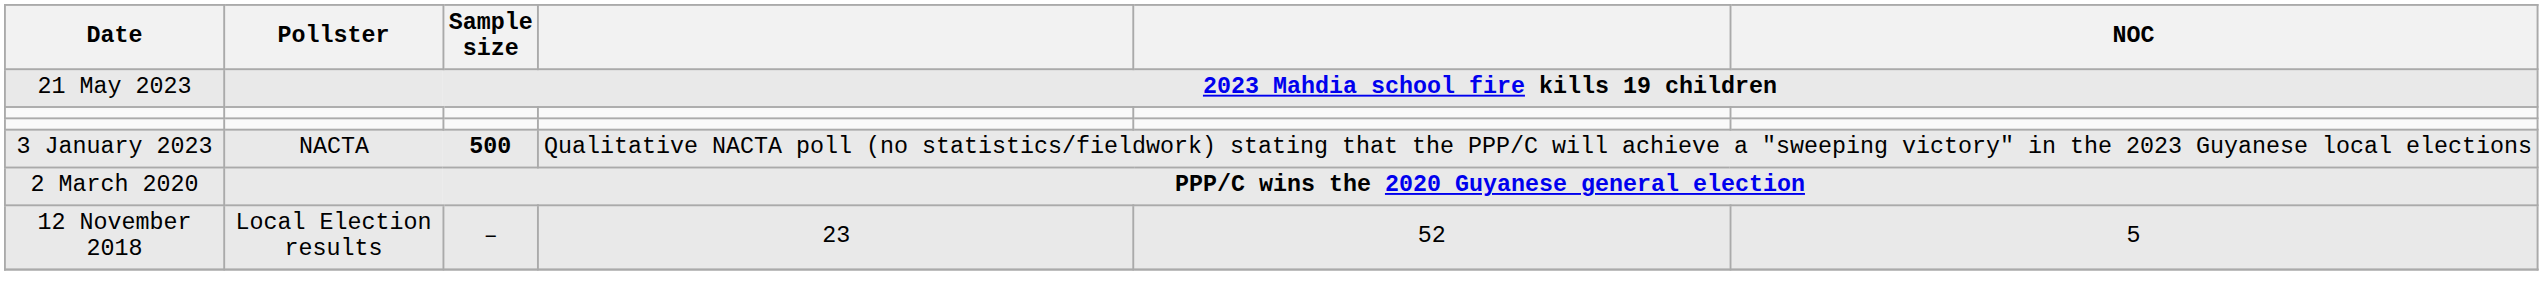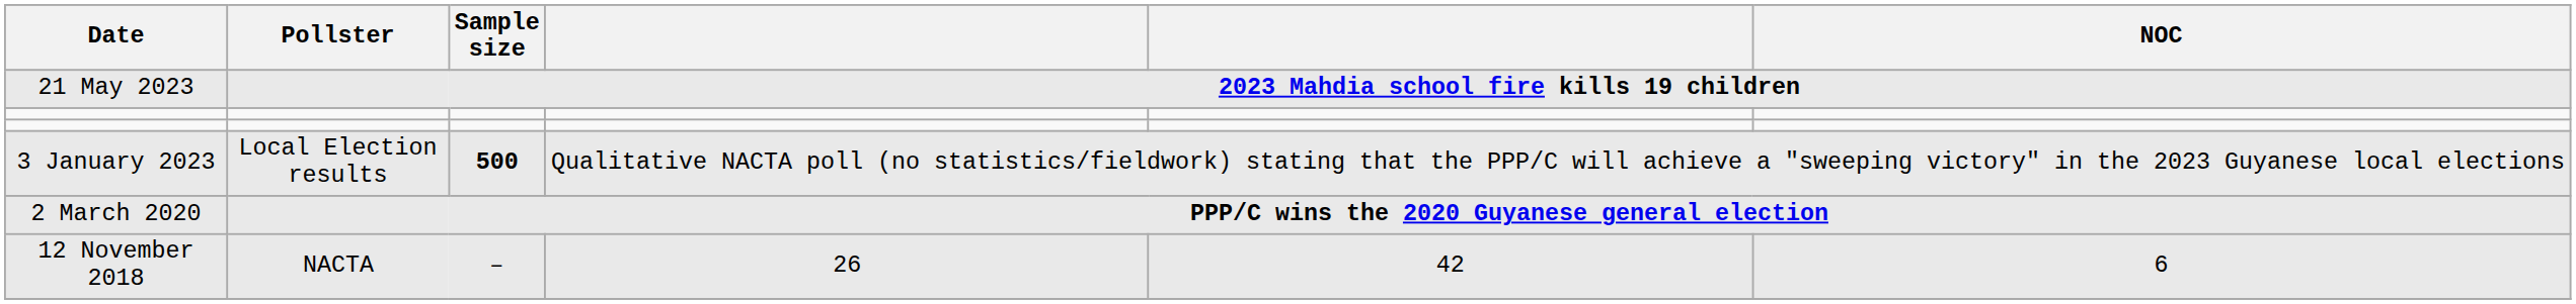 <table class="wikitable sortable collapsible" style="text-align:center;font-size:95%;">
 <tr>
 <th style="width:110px;">Date</th>
 <th style="width:110px;">Pollster</th>
 <th data-sort-type="number">Sample<br>size</th>
 <th class="unsortable" style="background:"><a href='#'></a></th>
 <th class="unsortable" style="background:"><a href='#'></a></th>
 <th class="unsortable">NOC</th>
 </tr>
 <tr style="background:#E9E9E9;">
 <td>21 May 2023</td>
 <td style="border-right-style:hidden;"></td>
 <td colspan="4" style="font-weight:bold;"><a href='#'>2023 Mahdia school fire</a> kills 19 children</td>
 </tr>
 <tr>
 <td></td>
 <td></td>
 <td></td>
 <td></td>
 <td></td>
 <td></td>
 </tr>
 <tr>
 <td></td>
 <td></td>
 <td></td>
 <td></td>
 <td></td>
 <td></td>
 </tr>
 <tr style="background:#E9E9E9;">
 <td>3 January 2023</td>
-<td style="border-right-style:hidden;">NACTA</td>
+<td>Local Election results</td>
 <td style="font-weight:bold;">500</td>
 <td colspan="3">Qualitative NACTA poll (no statistics/fieldwork) stating that the PPP/C will achieve a "sweeping victory" in the 2023 Guyanese local elections</td>
 </tr>
 <tr style="background:#E9E9E9;">
 <td>2 March 2020</td>
 <td style="border-right-style:hidden;"></td>
 <td colspan="4" style="font-weight:bold;">PPP/C wins the <a href='#'>2020 Guyanese general election</a></td>
 </tr>
 <tr style="background:#E9E9E9;">
 <td data-sort-value="2019-12-02">12 November 2018</td>
-<td>Local Election results</td>
+<td style="border-right-style:hidden;">NACTA</td>
 <td>–</td>
-<td>23</td>
-<td>52</td>
-<td>5</td>
+<td>26</td>
+<td>42</td>
+<td>6</td>
 </tr>
 <tr style="background:#E9E9E9;">
 </tr>
 </table>
